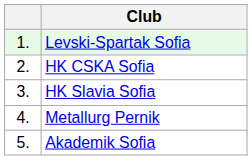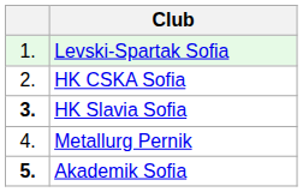 <table class="wikitable">
 <tr>
 <th width="30"></th>
 <th width="200">Club</th>
 </tr>
 <tr bgcolor="#e6fae6" align="center">
 <td>1.</td>
 <td align="left"><a href='#'>Levski-Spartak Sofia</a></td>
 </tr>
 <tr bgcolor="#FFFFFF" align="center">
 <td>2.</td>
 <td align="left"><a href='#'>HK CSKA Sofia</a></td>
 </tr>
 <tr bgcolor="#FFFFFF" align="center">
-<td>3.</td>
+<td><strong>3.</strong></td>
 <td align="left"><a href='#'>HK Slavia Sofia</a></td>
 </tr>
 <tr bgcolor="#FFFFFF" align="center">
 <td>4.</td>
 <td align="left"><a href='#'>Metallurg Pernik</a></td>
 </tr>
 <tr bgcolor="#FFFFFF" align="center">
-<td>5.</td>
+<td><strong>5.</strong></td>
 <td align="left"><a href='#'>Akademik Sofia</a></td>
 </tr>
 </table>
